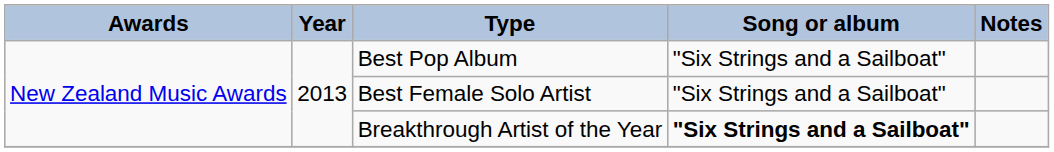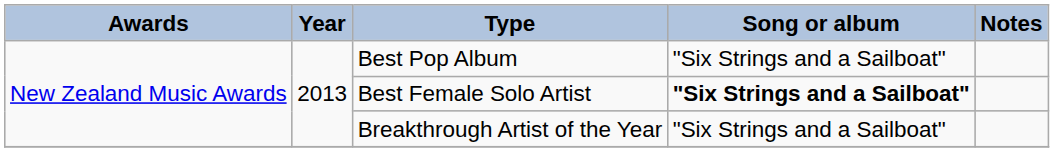 <table class="wikitable" style="font-size:90%">
 <tr style="text-align:center;">
 <th style="background:#B0C4DE;">Awards</th>
 <th style="background:#B0C4DE;">Year</th>
 <th style="background:#B0C4DE;">Type</th>
 <th style="background:#B0C4DE;">Song or album</th>
 <th style="background:#B0C4DE;">Notes</th>
 </tr>
 <tr>
 <td rowspan=3><a href='#'>New Zealand Music Awards</a></td>
 <td rowspan=3>2013</td>
 <td>Best Pop Album</td>
 <td>"Six Strings and a Sailboat"</td>
 <td></td>
 </tr>
 <tr>
 <td>Best Female Solo Artist</td>
-<td>"Six Strings and a Sailboat"</td>
+<td><strong>"Six Strings and a Sailboat"</strong></td>
 <td></td>
 </tr>
 <tr>
 <td>Breakthrough Artist of the Year</td>
-<td><strong>"Six Strings and a Sailboat"</strong></td>
+<td>"Six Strings and a Sailboat"</td>
 <td></td>
 </tr>
 <tr>
 </tr>
 </table>
